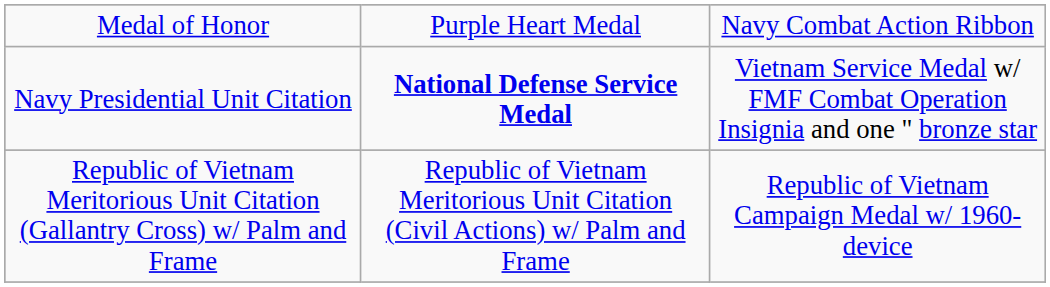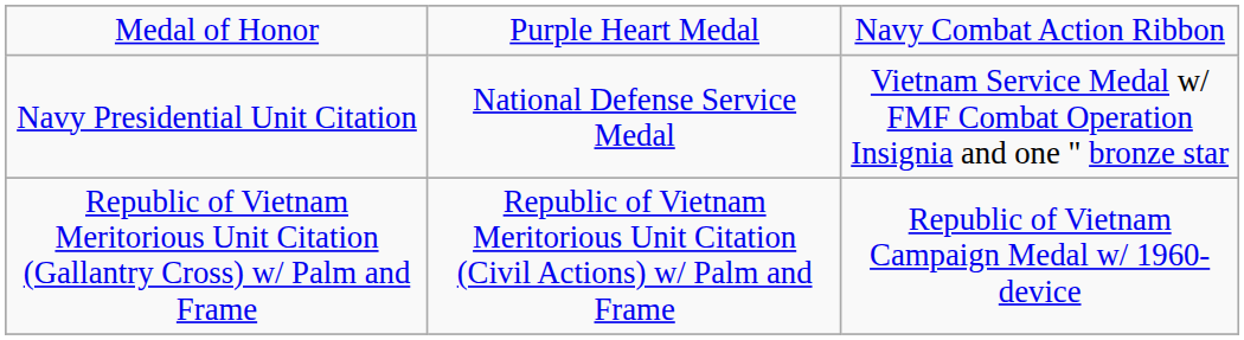 <table class="wikitable" style="margin:1em auto; text-align:center;">
 <tr>
 <td><a href='#'>Medal of Honor</a></td>
 <td><a href='#'>Purple Heart Medal</a></td>
 <td><a href='#'>Navy Combat Action Ribbon</a></td>
 </tr>
 <tr>
 <td><a href='#'>Navy Presidential Unit Citation</a></td>
-<td><strong><a href='#'>National Defense Service Medal</a></strong></td>
+<td><a href='#'>National Defense Service Medal</a></td>
 <td><a href='#'>Vietnam Service Medal</a> w/ <a href='#'>FMF Combat Operation Insignia</a> and one " <a href='#'>bronze star</a></td>
 </tr>
 <tr>
 <td><a href='#'>Republic of Vietnam Meritorious Unit Citation (Gallantry Cross) w/ Palm and Frame</a></td>
 <td><a href='#'>Republic of Vietnam Meritorious Unit Citation (Civil Actions) w/ Palm and Frame</a></td>
 <td><a href='#'>Republic of Vietnam Campaign Medal w/ 1960- device</a></td>
 </tr>
 </table>
